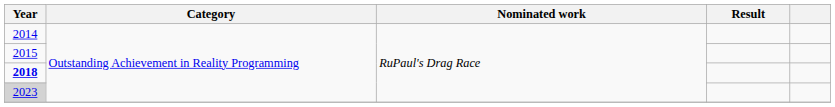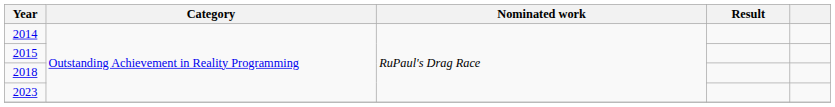 <table class="wikitable" style="width:85%;">
 <tr>
 <th width=5%>Year</th>
 <th style="width:40%;">Category</th>
 <th style="width:40%;">Nominated work</th>
 <th style="width:10%;">Result</th>
 <th width=5%></th>
 </tr>
 <tr>
 <td style="text-align: center;"><a href='#'>2014</a></td>
 <td rowspan="4"><a href='#'>Outstanding Achievement in Reality Programming</a></td>
 <td rowspan="4"><em>RuPaul's Drag Race</em></td>
 <td></td>
 <td></td>
 </tr>
 <tr>
 <td style="text-align: center;"><a href='#'>2015</a></td>
 <td></td>
 <td></td>
 </tr>
 <tr>
-<td style="text-align: center;"><strong><a href='#'>2018</a></strong></td>
+<td style="text-align: center;"><a href='#'>2018</a></td>
 <td></td>
 <td></td>
 </tr>
 <tr>
-<td style="background: lightgrey; text-align:center;"><a href='#'>2023</a></td>
+<td style="text-align:center;"><a href='#'>2023</a></td>
 <td></td>
 <td></td>
 </tr>
 <tr>
 </tr>
 </table>
